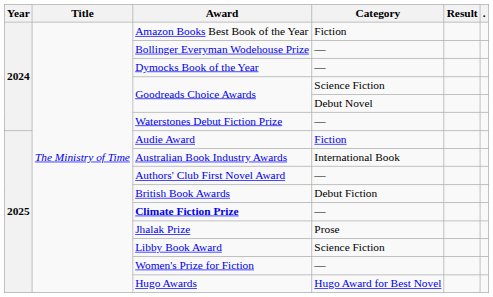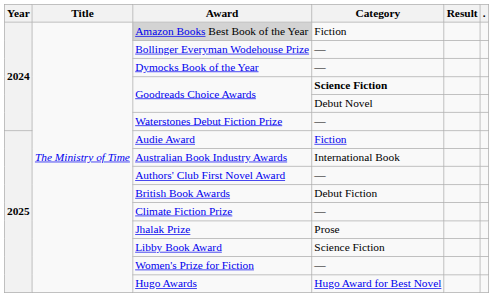 <table class="wikitable sortable">
 <tr>
 <th>Year</th>
 <th>Title</th>
 <th>Award</th>
 <th>Category</th>
 <th>Result</th>
 <th>.</th>
 </tr>
 <tr>
 <th rowspan="6">2024</th>
 <td rowspan="15"><em><a href='#'>The Ministry of Time</a></em></td>
-<td><a href='#'>Amazon Books</a> Best Book of the Year</td>
+<td style="background: lightgrey;"><a href='#'>Amazon Books</a> Best Book of the Year</td>
 <td>Fiction</td>
 <td></td>
 <td></td>
 </tr>
 <tr>
 <td><a href='#'>Bollinger Everyman Wodehouse Prize</a></td>
 <td>—</td>
 <td></td>
 <td></td>
 </tr>
 <tr>
 <td><a href='#'>Dymocks Book of the Year</a></td>
 <td>—</td>
 <td></td>
 <td></td>
 </tr>
 <tr>
 <td rowspan="2"><a href='#'>Goodreads Choice Awards</a></td>
-<td>Science Fiction</td>
+<td><strong>Science Fiction</strong></td>
 <td></td>
 <td></td>
 </tr>
 <tr>
 <td>Debut Novel</td>
 <td></td>
 <td></td>
 </tr>
 <tr>
 <td><a href='#'>Waterstones Debut Fiction Prize</a></td>
 <td>—</td>
 <td></td>
 <td></td>
 </tr>
 <tr>
 <th rowspan="9">2025</th>
 <td><a href='#'>Audie Award</a></td>
 <td><a href='#'>Fiction</a></td>
 <td></td>
 <td></td>
 </tr>
 <tr>
 <td><a href='#'>Australian Book Industry Awards</a></td>
 <td>International Book</td>
 <td></td>
 <td></td>
 </tr>
 <tr>
 <td><a href='#'>Authors' Club First Novel Award</a></td>
 <td>—</td>
 <td></td>
 <td></td>
 </tr>
 <tr>
 <td><a href='#'>British Book Awards</a></td>
 <td>Debut Fiction</td>
 <td></td>
 <td></td>
 </tr>
 <tr>
-<td><strong><a href='#'>Climate Fiction Prize</a></strong></td>
+<td><a href='#'>Climate Fiction Prize</a></td>
 <td>—</td>
 <td></td>
 <td></td>
 </tr>
 <tr>
 <td><a href='#'>Jhalak Prize</a></td>
 <td>Prose</td>
 <td></td>
 <td></td>
 </tr>
 <tr>
 <td><a href='#'>Libby Book Award</a></td>
 <td>Science Fiction</td>
 <td></td>
 <td></td>
 </tr>
 <tr>
 <td><a href='#'>Women's Prize for Fiction</a></td>
 <td>—</td>
 <td></td>
 <td></td>
 </tr>
 <tr>
 <td><a href='#'>Hugo Awards</a></td>
 <td><a href='#'>Hugo Award for Best Novel</a></td>
 <td></td>
 <td></td>
 </tr>
 </table>
